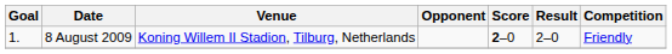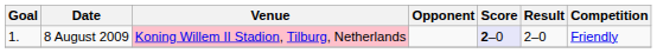 <table class="wikitable">
 <tr>
 <th>Goal</th>
 <th>Date</th>
 <th>Venue</th>
 <th>Opponent</th>
 <th>Score</th>
 <th>Result</th>
 <th>Competition</th>
 </tr>
 <tr>
 <td>1.</td>
 <td>8 August 2009</td>
-<td><a href='#'>Koning Willem II Stadion</a>, <a href='#'>Tilburg</a>, Netherlands</td>
+<td style="background: pink;"><a href='#'>Koning Willem II Stadion</a>, <a href='#'>Tilburg</a>, Netherlands</td>
 <td></td>
-<td align=left><strong>2</strong>–0</td>
+<td align=left style="background: lavender;"><strong>2</strong>–0</td>
 <td align=left>2–0</td>
 <td><a href='#'>Friendly</a></td>
 </tr>
 <tr>
 </tr>
 </table>
